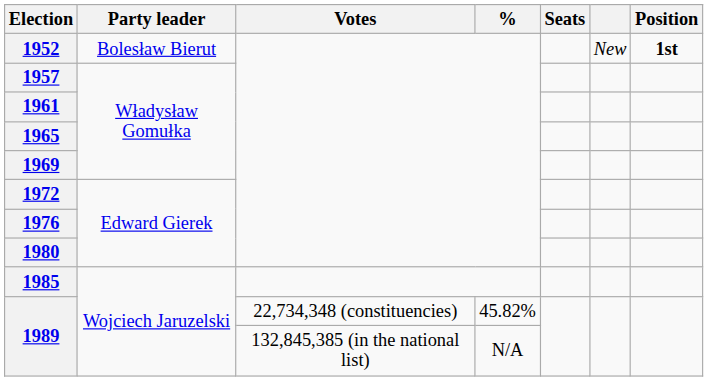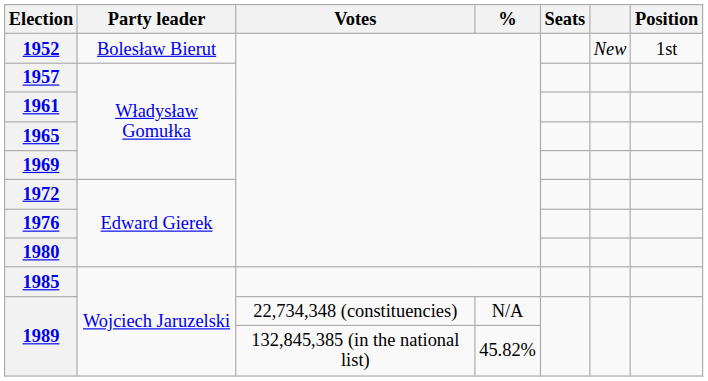 <table class=wikitable style="text-align: center;">
 <tr>
 <th>Election</th>
 <th>Party leader</th>
 <th>Votes</th>
 <th>%</th>
 <th>Seats</th>
 <th></th>
 <th>Position</th>
 </tr>
 <tr>
 <th><a href='#'>1952</a></th>
 <td><a href='#'>Bolesław Bierut</a></td>
 <td colspan="2" rowspan="8"></td>
 <td></td>
 <td><em>New</em></td>
-<td><strong>1st</strong></td>
+<td>1st</td>
 </tr>
 <tr>
 <th><a href='#'>1957</a></th>
 <td rowspan="4"><a href='#'>Władysław Gomułka</a></td>
 <td></td>
 <td></td>
 <td></td>
 </tr>
 <tr>
 <th><a href='#'>1961</a></th>
 <td></td>
 <td></td>
 <td></td>
 </tr>
 <tr>
 <th><a href='#'>1965</a></th>
 <td></td>
 <td></td>
 <td></td>
 </tr>
 <tr>
 <th><a href='#'>1969</a></th>
 <td></td>
 <td></td>
 <td></td>
 </tr>
 <tr>
 <th><a href='#'>1972</a></th>
 <td rowspan="3"><a href='#'>Edward Gierek</a></td>
 <td></td>
 <td></td>
 <td></td>
 </tr>
 <tr>
 <th><a href='#'>1976</a></th>
 <td></td>
 <td></td>
 <td></td>
 </tr>
 <tr>
 <th><a href='#'>1980</a></th>
 <td></td>
 <td></td>
 <td></td>
 </tr>
 <tr>
 <th><a href='#'>1985</a></th>
 <td rowspan="3"><a href='#'>Wojciech Jaruzelski</a></td>
 <td colspan="2"></td>
 <td></td>
 <td></td>
 <td></td>
 </tr>
 <tr>
 <th rowspan="2"><a href='#'>1989</a></th>
 <td>22,734,348 (constituencies)</td>
-<td>45.82%</td>
+<td>N/A</td>
 <td rowspan="2"></td>
 <td rowspan="2"></td>
 <td rowspan="2"></td>
 </tr>
 <tr>
 <td>132,845,385 (in the national list)</td>
-<td>N/A</td>
+<td>45.82%</td>
 </tr>
 </table>
